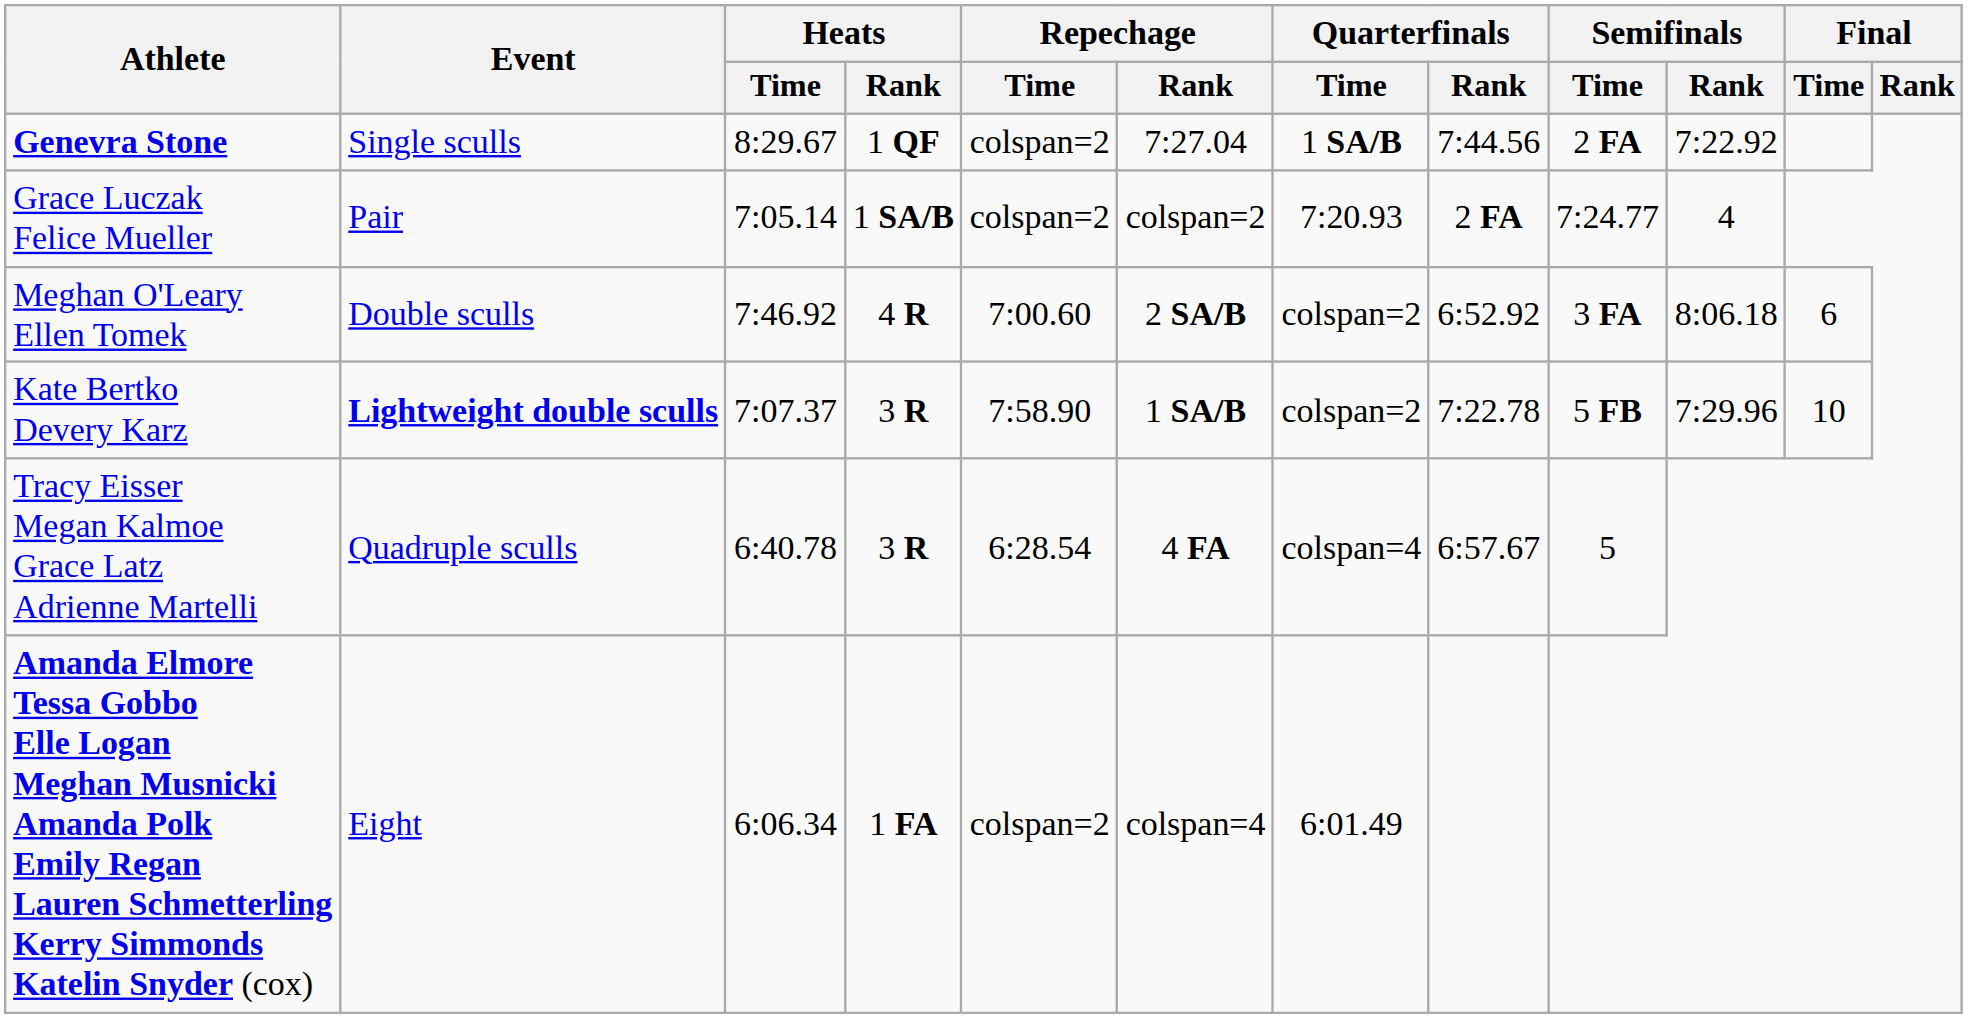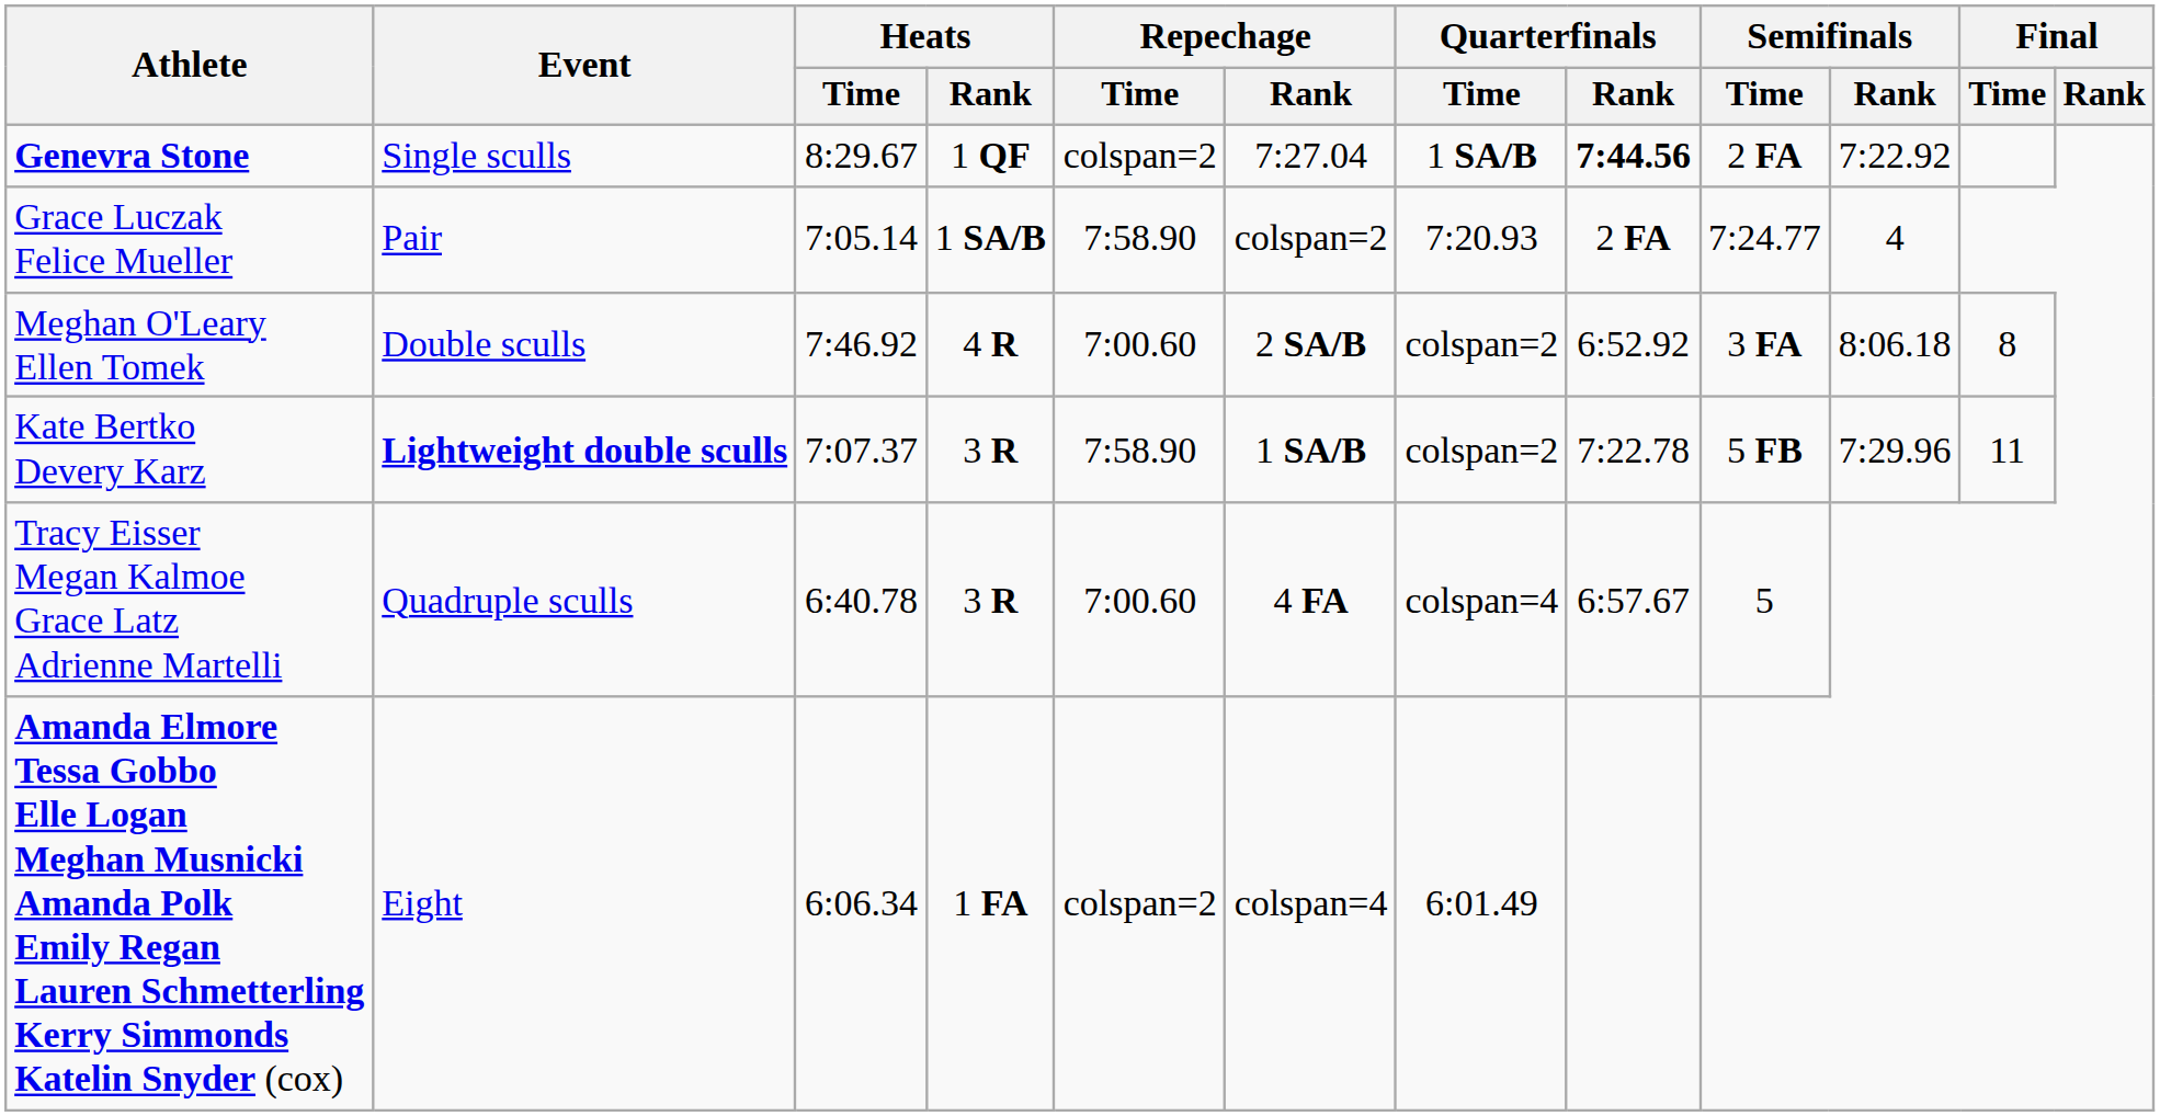 <table class=wikitable style=font-size:90%;text-align:center>
 <tr>
 <th rowspan=2>Athlete</th>
 <th rowspan=2>Event</th>
 <th colspan=2>Heats</th>
 <th colspan=2>Repechage</th>
 <th colspan=2>Quarterfinals</th>
 <th colspan=2>Semifinals</th>
 <th colspan=2>Final</th>
 </tr>
 <tr style=font-size:95%>
 <th>Time</th>
 <th>Rank</th>
 <th>Time</th>
 <th>Rank</th>
 <th>Time</th>
 <th>Rank</th>
 <th>Time</th>
 <th>Rank</th>
 <th>Time</th>
 <th>Rank</th>
 </tr>
 <tr>
 <td align=left><strong><a href='#'>Genevra Stone</a></strong></td>
 <td align=left><a href='#'>Single sculls</a></td>
 <td>8:29.67</td>
 <td>1 <strong>QF</strong></td>
 <td>colspan=2 </td>
 <td>7:27.04</td>
 <td>1 <strong>SA/B</strong></td>
-<td>7:44.56</td>
+<td><strong>7:44.56</strong></td>
 <td>2 <strong>FA</strong></td>
 <td>7:22.92</td>
 <td></td>
 </tr>
 <tr>
 <td align=left><a href='#'>Grace Luczak</a><br><a href='#'>Felice Mueller</a></td>
 <td align=left><a href='#'>Pair</a></td>
 <td>7:05.14</td>
 <td>1 <strong>SA/B</strong></td>
-<td>colspan=2 </td>
+<td>7:58.90</td>
 <td>colspan=2 </td>
 <td>7:20.93</td>
 <td>2 <strong>FA</strong></td>
 <td>7:24.77</td>
 <td>4</td>
 </tr>
 <tr>
 <td align=left><a href='#'>Meghan O'Leary</a><br><a href='#'>Ellen Tomek</a></td>
 <td align=left><a href='#'>Double sculls</a></td>
 <td>7:46.92</td>
 <td>4 <strong>R</strong></td>
 <td>7:00.60</td>
 <td>2 <strong>SA/B</strong></td>
 <td>colspan=2 </td>
 <td>6:52.92</td>
 <td>3 <strong>FA</strong></td>
 <td>8:06.18</td>
-<td>6</td>
+<td>8</td>
 </tr>
 <tr>
 <td align=left><a href='#'>Kate Bertko</a><br><a href='#'>Devery Karz</a></td>
 <td align=left><strong><a href='#'>Lightweight double sculls</a></strong></td>
 <td>7:07.37</td>
 <td>3 <strong>R</strong></td>
 <td>7:58.90</td>
 <td>1 <strong>SA/B</strong></td>
 <td>colspan=2 </td>
 <td>7:22.78</td>
 <td>5 <strong>FB</strong></td>
 <td>7:29.96</td>
-<td>10</td>
+<td>11</td>
 </tr>
 <tr>
 <td align=left><a href='#'>Tracy Eisser</a><br><a href='#'>Megan Kalmoe</a><br><a href='#'>Grace Latz</a><br><a href='#'>Adrienne Martelli</a></td>
 <td align=left><a href='#'>Quadruple sculls</a></td>
 <td>6:40.78</td>
 <td>3 <strong>R</strong></td>
-<td>6:28.54</td>
+<td>7:00.60</td>
 <td>4 <strong>FA</strong></td>
 <td>colspan=4 </td>
 <td>6:57.67</td>
 <td>5</td>
 </tr>
 <tr>
 <td align=left><strong><a href='#'>Amanda Elmore</a><br><a href='#'>Tessa Gobbo</a><br><a href='#'>Elle Logan</a><br><a href='#'>Meghan Musnicki</a><br><a href='#'>Amanda Polk</a><br><a href='#'>Emily Regan</a><br><a href='#'>Lauren Schmetterling</a><br><a href='#'>Kerry Simmonds</a><br><a href='#'>Katelin Snyder</a></strong> (cox)</td>
 <td align=left><a href='#'>Eight</a></td>
 <td>6:06.34</td>
 <td>1 <strong>FA</strong></td>
 <td>colspan=2 </td>
 <td>colspan=4 </td>
 <td>6:01.49</td>
 <td></td>
 </tr>
 </table>
